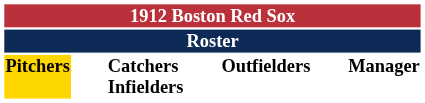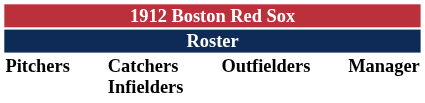 <table class="toccolours" style="text-align: left;">
 <tr>
 <th colspan="10" style="background-color: #ba313c; color: white; text-align: center;">1912 Boston Red Sox</th>
 </tr>
 <tr>
 <td colspan="10" style="background-color: #0d2b56; color: white; text-align: center;"><strong>Roster</strong></td>
 </tr>
 <tr>
-<td valign="top" style="background: gold;"><strong>Pitchers</strong><br>          </td>
+<td valign="top"><strong>Pitchers</strong><br>          </td>
 <td width="25px"></td>
 <td valign="top"><strong>Catchers</strong><br>    <strong>Infielders</strong>        </td>
 <td width="25px"></td>
 <td valign="top"><strong>Outfielders</strong><br>    </td>
 <td width="25px"></td>
 <td valign="top"><strong>Manager</strong><br></td>
 </tr>
 <tr>
 </tr>
 </table>
